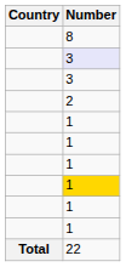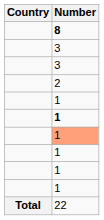 <table class="wikitable centre sortable">
 <tr>
 <th>Country</th>
 <th>Number</th>
 </tr>
 <tr>
 <td></td>
-<td>8</td>
+<td><strong>8</strong></td>
 </tr>
 <tr>
 <td></td>
-<td style="background: lavender;">3</td>
+<td>3</td>
 </tr>
 <tr>
 <td></td>
 <td>3</td>
 </tr>
 <tr>
 <td></td>
 <td>2</td>
 </tr>
 <tr>
 <td></td>
 <td>1</td>
 </tr>
 <tr>
 <td></td>
-<td>1</td>
+<td><strong>1</strong></td>
+</tr>
+<tr>
+<td></td>
+<td style="background: lightsalmon;">1</td>
 </tr>
 <tr>
 <td></td>
 <td>1</td>
-</tr>
-<tr>
-<td></td>
-<td style="background: gold;">1</td>
 </tr>
 <tr>
 <td></td>
 <td>1</td>
 </tr>
 <tr>
 <td></td>
 <td>1</td>
 </tr>
 <tr class="sortbottom">
 <th><strong>Total</strong></th>
 <td>22</td>
 </tr>
 </table>
